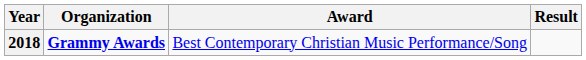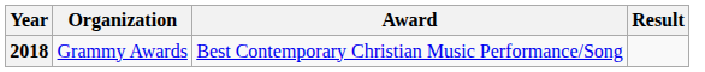 <table class="wikitable plainrowheaders">
 <tr>
 <th>Year</th>
 <th>Organization</th>
 <th>Award</th>
 <th>Result</th>
 </tr>
 <tr>
 <th scope="row">2018</th>
-<td><strong><a href='#'>Grammy Awards</a></strong></td>
+<td><a href='#'>Grammy Awards</a></td>
 <td><a href='#'>Best Contemporary Christian Music Performance/Song</a></td>
 <td></td>
 </tr>
 <tr>
 </tr>
 </table>
